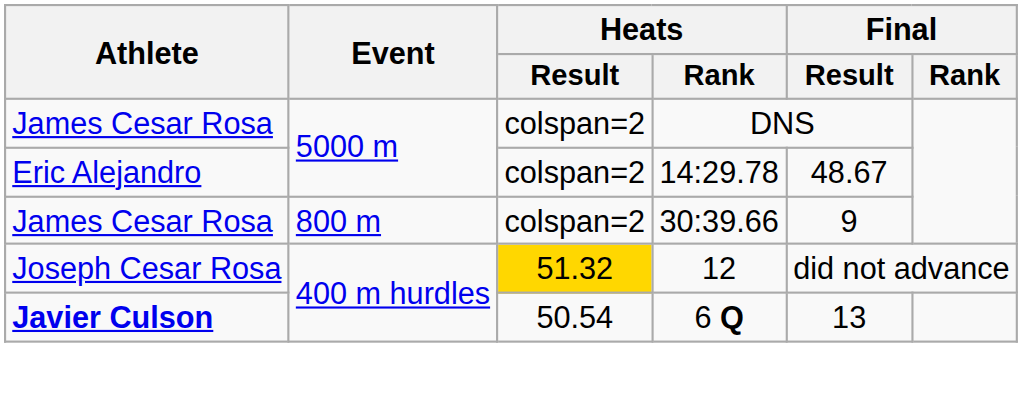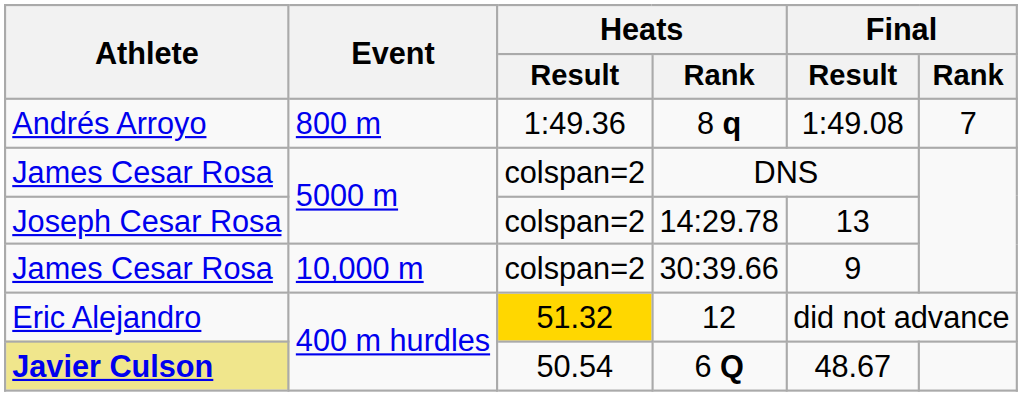 <table class=wikitable style="font-size:90%">
 <tr>
 <th rowspan="2">Athlete</th>
 <th rowspan="2">Event</th>
 <th colspan="2">Heats</th>
 <th colspan="2">Final</th>
 </tr>
 <tr style="font-size:95%">
 <th>Result</th>
 <th>Rank</th>
 <th>Result</th>
 <th>Rank</th>
 </tr>
 <tr align=center>
+<td align=left><a href='#'>Andrés Arroyo</a></td>
+<td align=left><a href='#'>800 m</a></td>
+<td>1:49.36</td>
+<td>8 <strong>q</strong></td>
+<td>1:49.08</td>
+<td>7</td>
+</tr>
+<tr align=center>
 <td align=left><a href='#'>James Cesar Rosa</a></td>
 <td align=left rowspan="2"><a href='#'>5000 m</a></td>
 <td>colspan=2 </td>
 <td colspan=2>DNS</td>
 </tr>
 <tr align=center>
-<td align=left><a href='#'>Eric Alejandro</a></td>
+<td align=left><a href='#'>Joseph Cesar Rosa</a></td>
 <td>colspan=2 </td>
 <td>14:29.78</td>
-<td>48.67</td>
+<td>13</td>
 </tr>
 <tr align=center>
 <td align=left><a href='#'>James Cesar Rosa</a></td>
-<td align=left><a href='#'>800 m</a></td>
+<td align=left><a href='#'>10,000 m</a></td>
 <td>colspan=2 </td>
 <td>30:39.66</td>
 <td>9</td>
 </tr>
 <tr align=center>
-<td align=left><a href='#'>Joseph Cesar Rosa</a></td>
+<td align=left><a href='#'>Eric Alejandro</a></td>
 <td align=left rowspan="2"><a href='#'>400 m hurdles</a></td>
 <td style="background: gold;">51.32</td>
 <td>12</td>
 <td colspan=2>did not advance</td>
 </tr>
 <tr align=center>
-<td align=left><strong><a href='#'>Javier Culson</a></strong></td>
+<td align=left style="background: khaki;"><strong><a href='#'>Javier Culson</a></strong></td>
 <td>50.54</td>
 <td>6 <strong>Q</strong></td>
-<td>13</td>
+<td>48.67</td>
 <td></td>
 </tr>
 </table>
